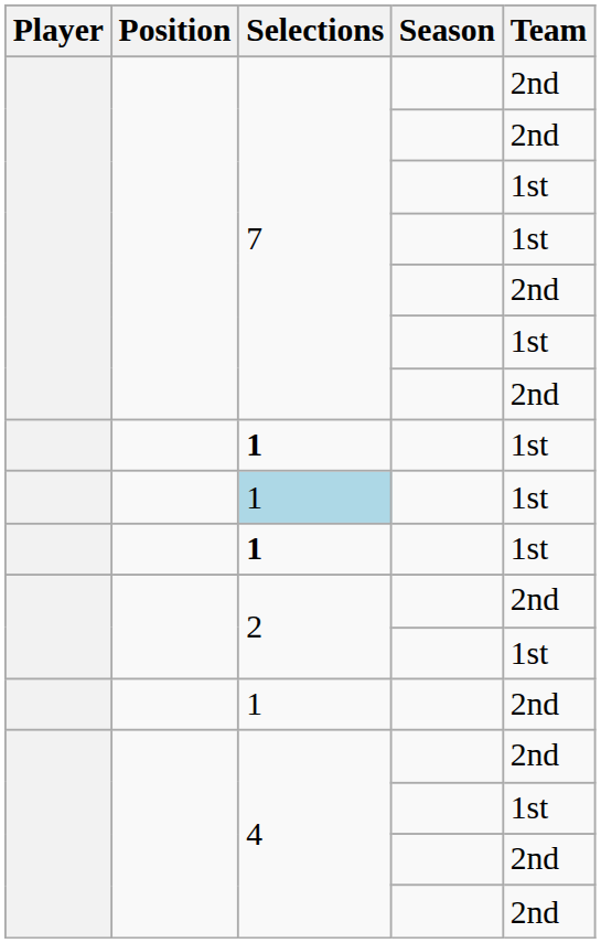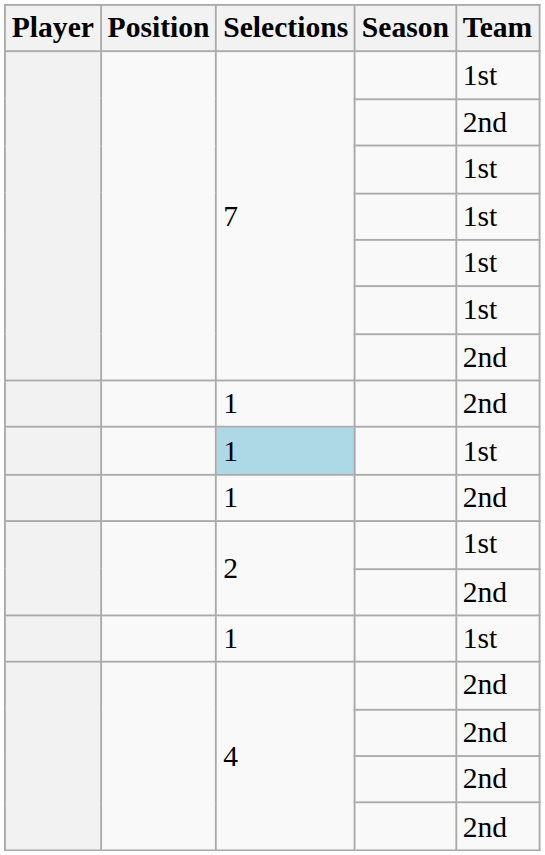 <table class="wikitable sortable">
 <tr>
 <th scope="col">Player</th>
 <th scope="col">Position</th>
 <th scope="col">Selections</th>
 <th scope="col">Season</th>
 <th scope="col">Team</th>
 </tr>
 <tr>
 <th scope="row" rowspan="7"></th>
 <td rowspan="7"></td>
 <td rowspan="7">7</td>
 <td></td>
-<td>2nd</td>
+<td>1st</td>
 </tr>
 <tr>
 <td></td>
 <td>2nd</td>
 </tr>
 <tr>
 <td></td>
 <td>1st</td>
 </tr>
 <tr>
 <td></td>
 <td>1st</td>
 </tr>
 <tr>
 <td></td>
-<td>2nd</td>
+<td>1st</td>
 </tr>
 <tr>
 <td></td>
 <td>1st</td>
 </tr>
 <tr>
 <td></td>
 <td>2nd</td>
 </tr>
 <tr>
 <th scope="row"></th>
 <td></td>
-<td><strong>1</strong></td>
+<td>1</td>
 <td></td>
-<td>1st</td>
+<td>2nd</td>
 </tr>
 <tr>
 <th scope="row"></th>
 <td></td>
 <td style="background: lightblue;">1</td>
 <td></td>
 <td>1st</td>
 </tr>
 <tr>
 <th scope="row"></th>
 <td></td>
-<td><strong>1</strong></td>
+<td>1</td>
 <td></td>
-<td>1st</td>
+<td>2nd</td>
 </tr>
 <tr>
 <th scope="row" rowspan="2"></th>
 <td rowspan="2"></td>
 <td rowspan="2">2</td>
 <td></td>
-<td>2nd</td>
+<td>1st</td>
 </tr>
 <tr>
 <td></td>
-<td>1st</td>
+<td>2nd</td>
 </tr>
 <tr>
 <th scope="row"></th>
 <td></td>
 <td>1</td>
 <td></td>
-<td>2nd</td>
+<td>1st</td>
 </tr>
 <tr>
 <th scope="row" rowspan="4"></th>
 <td rowspan="4"></td>
 <td rowspan="4">4</td>
 <td></td>
 <td>2nd</td>
 </tr>
 <tr>
 <td></td>
-<td>1st</td>
+<td>2nd</td>
 </tr>
 <tr>
 <td></td>
 <td>2nd</td>
 </tr>
 <tr>
 <td></td>
 <td>2nd</td>
 </tr>
 </table>
